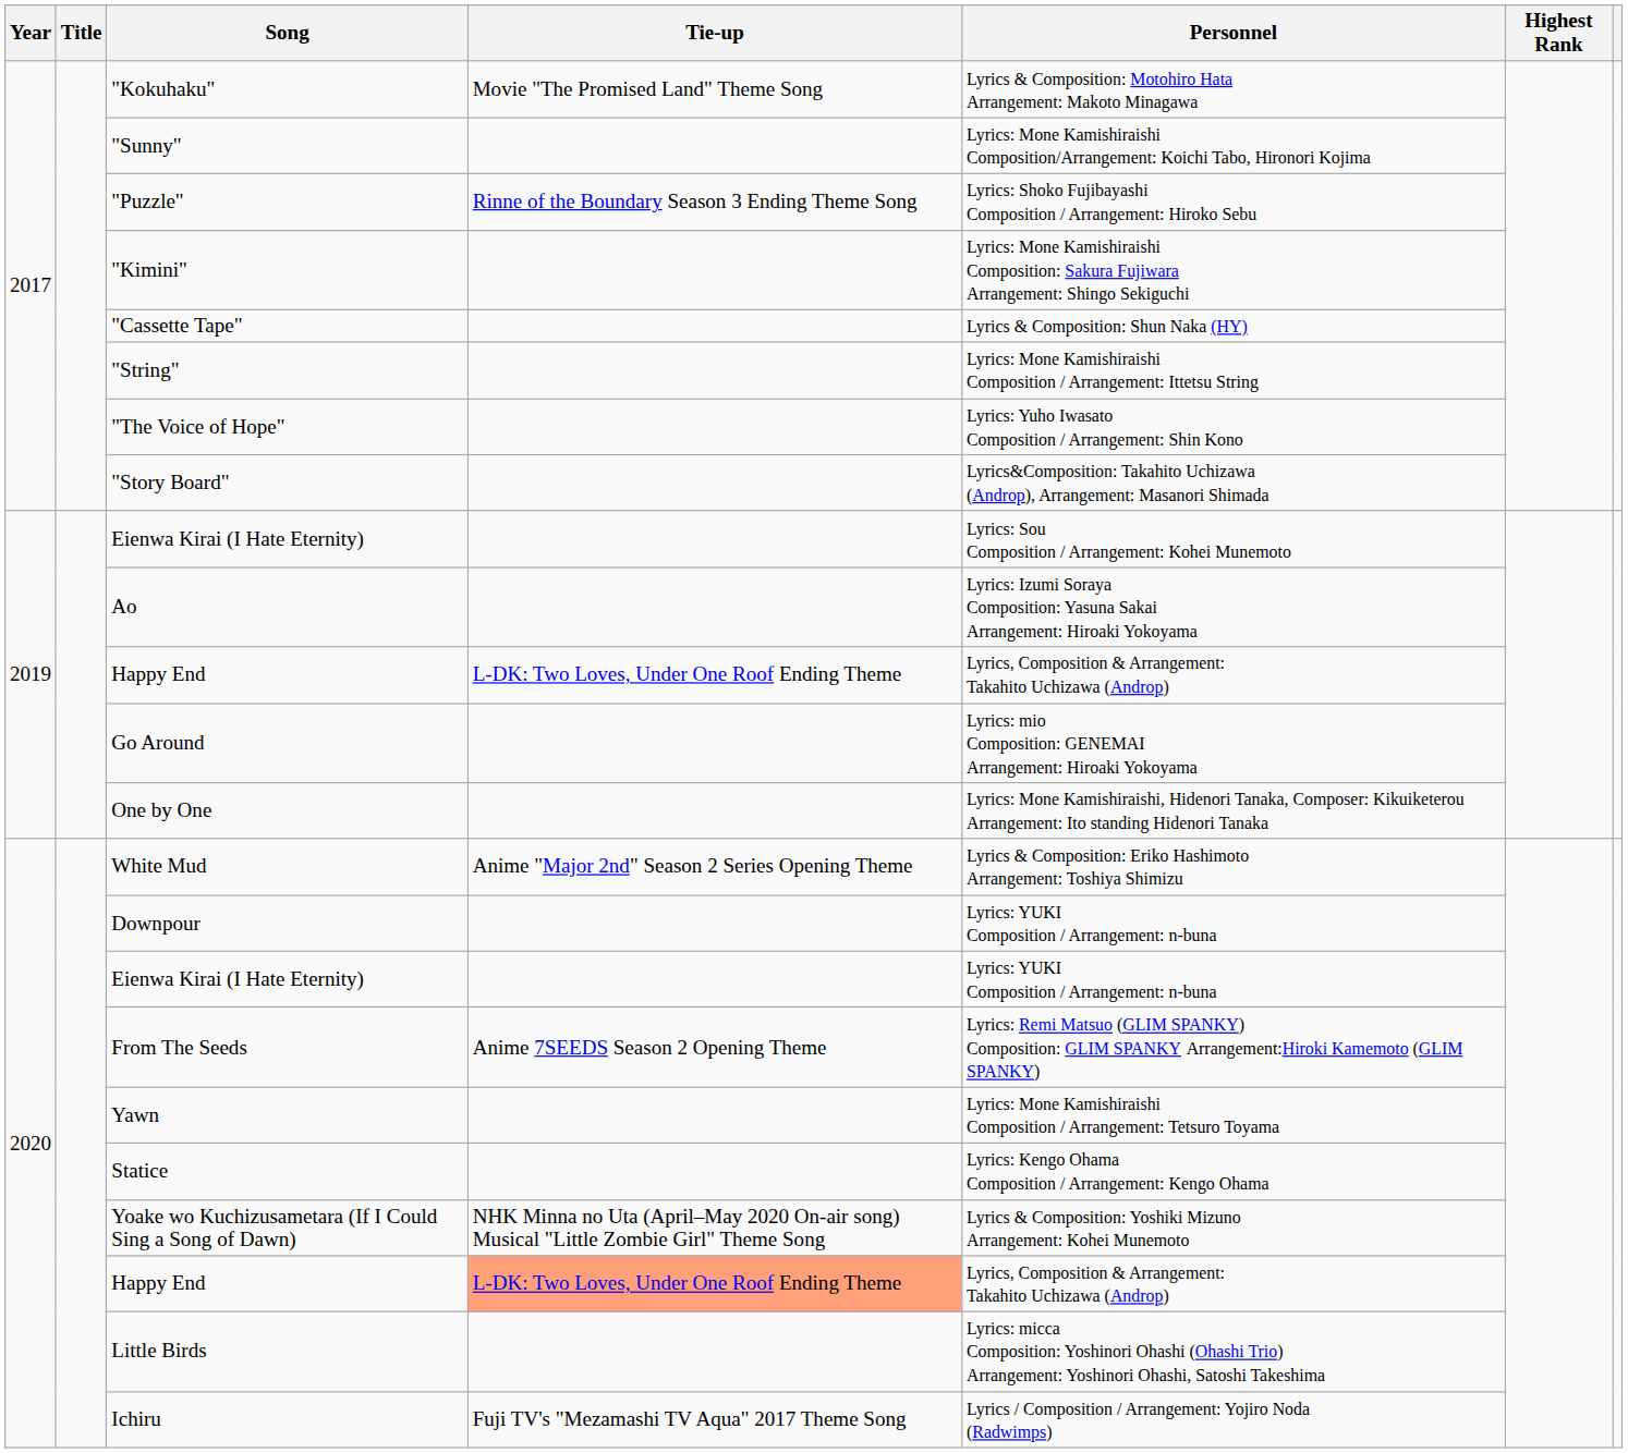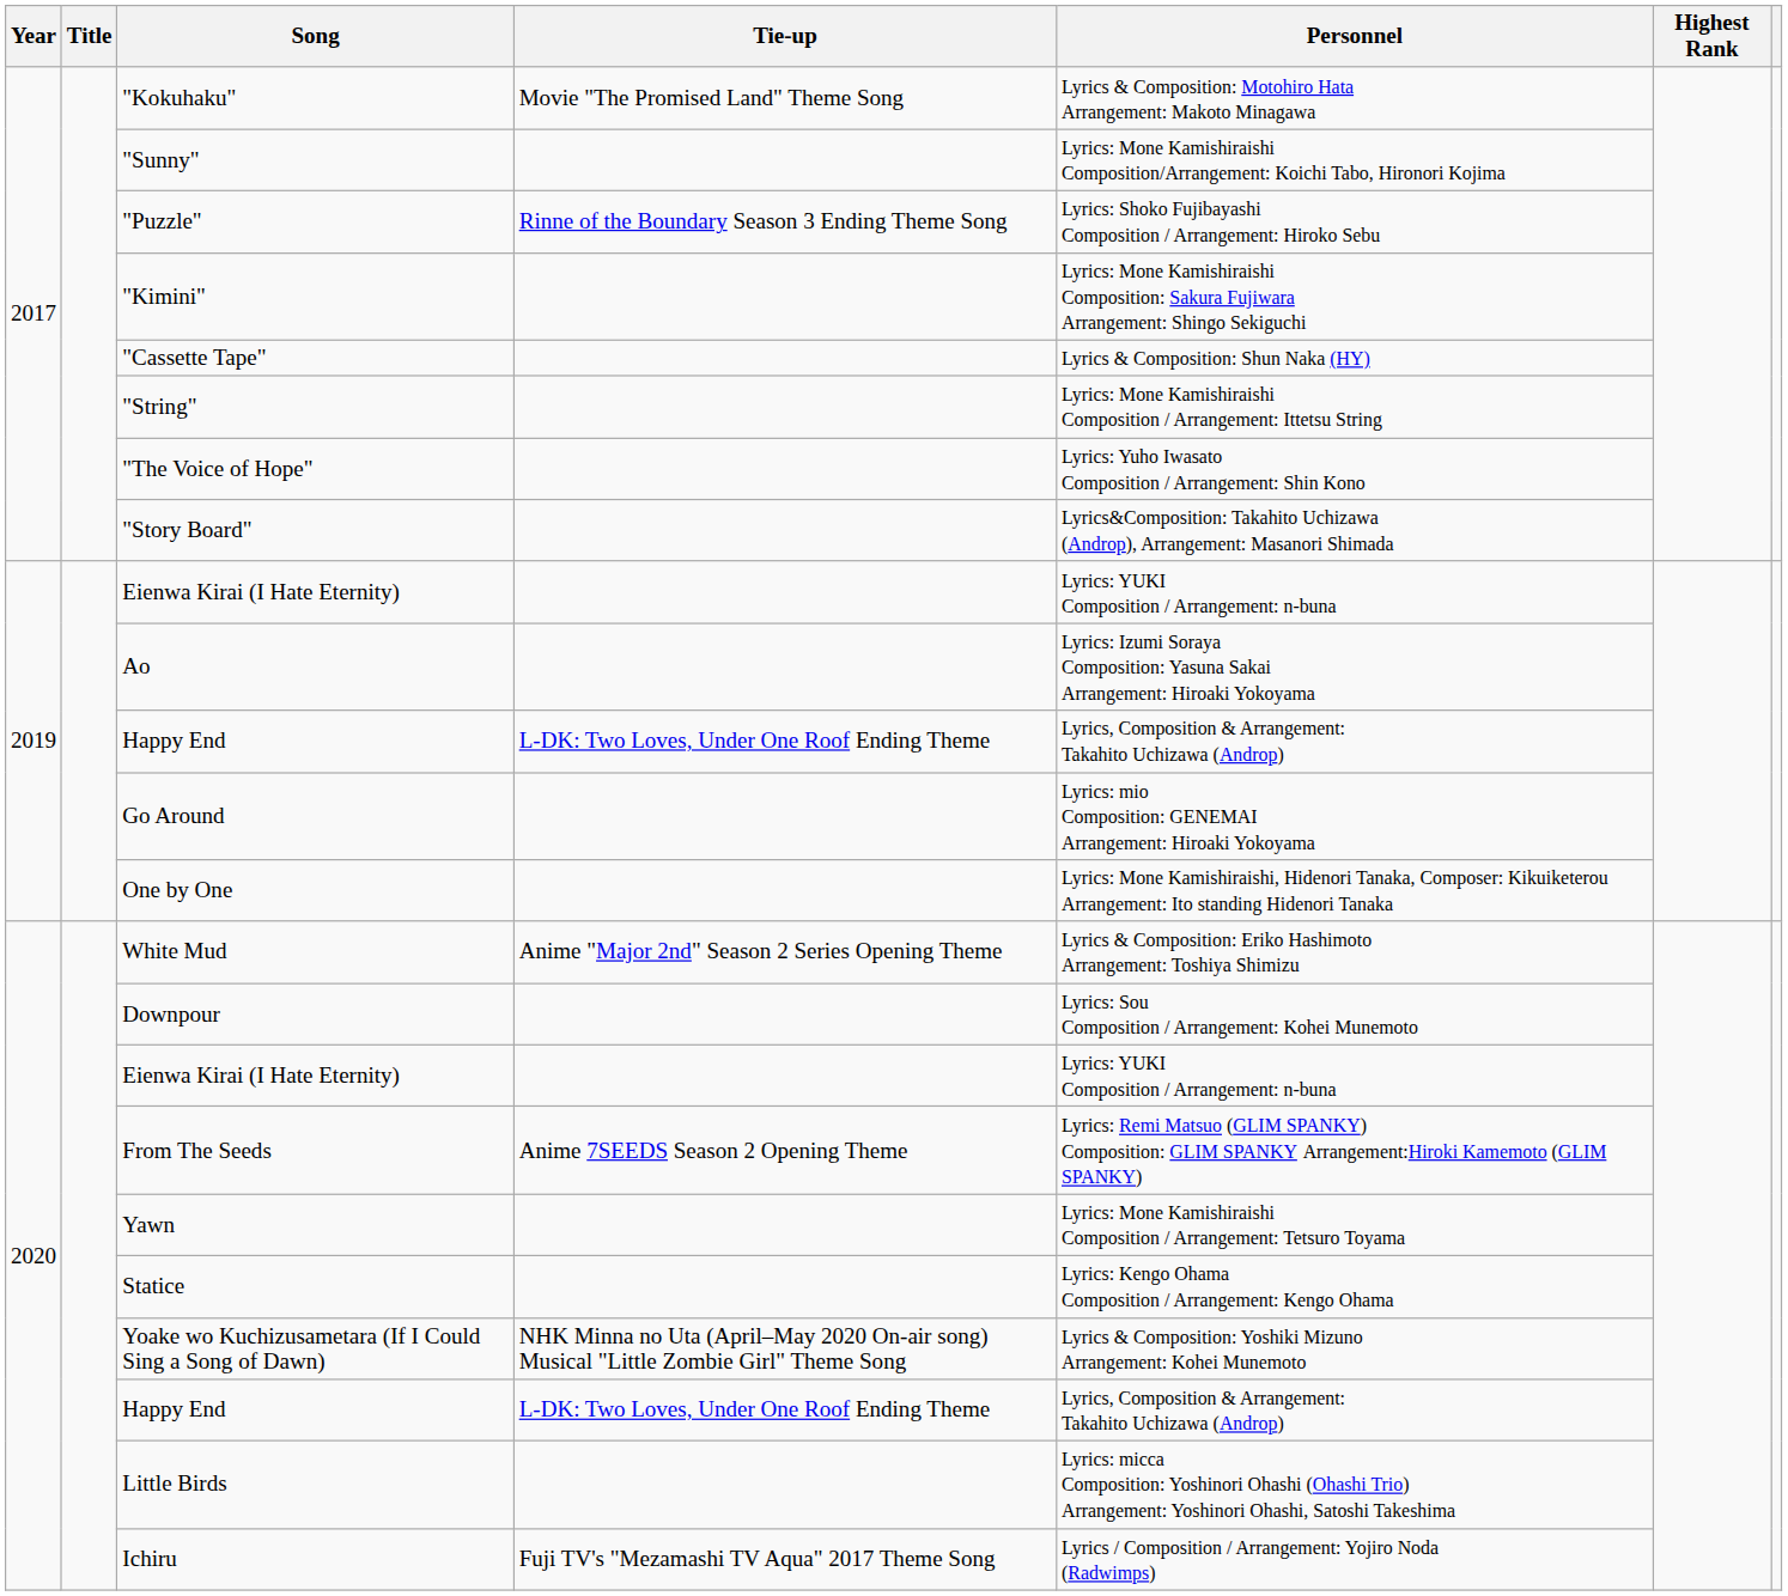 <table class="wikitable">
 <tr>
 <th>Year</th>
 <th>Title</th>
 <th>Song</th>
 <th>Tie-up</th>
 <th>Personnel</th>
 <th>Highest Rank</th>
 <th></th>
 </tr>
 <tr>
 <td rowspan="8">2017</td>
 <td rowspan="8"></td>
 <td>"Kokuhaku"</td>
 <td>Movie "The Promised Land" Theme Song</td>
 <td><small>Lyrics & Composition: <a href='#'>Motohiro Hata</a></small><br><small>Arrangement: Makoto Minagawa</small></td>
 <td rowspan="8"></td>
 <td rowspan="8"></td>
 </tr>
 <tr>
 <td>"Sunny"</td>
 <td></td>
 <td><small>Lyrics: Mone Kamishiraishi</small><br><small>Composition/Arrangement: Koichi Tabo, Hironori Kojima</small></td>
 </tr>
 <tr>
 <td>"Puzzle"</td>
 <td><a href='#'>Rinne of the Boundary</a> Season 3 Ending Theme Song</td>
 <td><small>Lyrics: Shoko Fujibayashi</small><br><small>Composition / Arrangement: Hiroko Sebu</small></td>
 </tr>
 <tr>
 <td>"Kimini"</td>
 <td></td>
 <td><small>Lyrics: Mone Kamishiraishi</small><br><small>Composition: <a href='#'>Sakura Fujiwara</a></small><br><small>Arrangement: Shingo Sekiguchi</small></td>
 </tr>
 <tr>
 <td>"Cassette Tape"</td>
 <td></td>
 <td><small>Lyrics & Composition: Shun Naka <a href='#'>(HY)</a></small></td>
 </tr>
 <tr>
 <td>"String"</td>
 <td></td>
 <td><small>Lyrics: Mone Kamishiraishi</small><br><small>Composition / Arrangement: Ittetsu String</small></td>
 </tr>
 <tr>
 <td>"The Voice of Hope"</td>
 <td></td>
 <td><small>Lyrics: Yuho Iwasato</small><br><small>Composition / Arrangement: Shin Kono</small></td>
 </tr>
 <tr>
 <td>"Story Board"</td>
 <td></td>
 <td><small>Lyrics&Composition: Takahito Uchizawa</small><br><small>(<a href='#'>Androp</a>), Arrangement: Masanori Shimada</small></td>
 </tr>
 <tr>
 <td rowspan="5">2019</td>
 <td rowspan="5"></td>
 <td>Eienwa Kirai (I Hate Eternity)</td>
 <td></td>
-<td><small>Lyrics: Sou</small><br><small>Composition / Arrangement: Kohei Munemoto</small></td>
+<td><small>Lyrics: YUKI</small><br><small>Composition / Arrangement: n-buna</small></td>
 <td rowspan="5"></td>
 <td rowspan="5"></td>
 </tr>
 <tr>
 <td>Ao</td>
 <td></td>
 <td><small>Lyrics: Izumi Soraya</small><br><small>Composition: Yasuna Sakai</small><br><small>Arrangement: Hiroaki Yokoyama</small></td>
 </tr>
 <tr>
 <td>Happy End</td>
 <td><a href='#'>L-DK: Two Loves, Under One Roof</a> Ending Theme</td>
 <td><small>Lyrics, Composition & Arrangement:</small><br><small>Takahito Uchizawa (<a href='#'>Androp</a>)</small></td>
 </tr>
 <tr>
 <td>Go Around</td>
 <td></td>
 <td><small>Lyrics: mio</small><br><small>Composition: GENEMAI</small><br><small>Arrangement: Hiroaki Yokoyama</small></td>
 </tr>
 <tr>
 <td>One by One</td>
 <td></td>
 <td><small>Lyrics: Mone Kamishiraishi, Hidenori Tanaka, C</small><small>omposer: Kikuiketerou</small> <small>Arrangement: Ito standing Hidenori Tanaka</small></td>
 </tr>
 <tr>
 <td rowspan="10">2020</td>
 <td rowspan="10"></td>
 <td>White Mud</td>
 <td>Anime "<a href='#'>Major 2nd</a>" Season 2 Series Opening Theme</td>
 <td><small>Lyrics & Composition: Eriko Hashimoto</small><br><small>Arrangement: Toshiya Shimizu</small></td>
 <td rowspan="10"></td>
 <td rowspan="10"></td>
 </tr>
 <tr>
 <td>Downpour</td>
 <td></td>
-<td><small>Lyrics: YUKI</small><br><small>Composition / Arrangement: n-buna</small></td>
+<td><small>Lyrics: Sou</small><br><small>Composition / Arrangement: Kohei Munemoto</small></td>
 </tr>
 <tr>
 <td>Eienwa Kirai (I Hate Eternity)</td>
 <td></td>
 <td><small>Lyrics: YUKI</small><br><small>Composition / Arrangement: n-buna</small></td>
 </tr>
 <tr>
 <td>From The Seeds</td>
 <td>Anime <a href='#'>7SEEDS</a> Season 2 Opening Theme</td>
 <td><small>Lyrics: <a href='#'>Remi Matsuo</a> (<a href='#'>GLIM SPANKY</a>)</small><br><small>Composition: <a href='#'>GLIM SPANKY</a></small> <small>Arrangement:<a href='#'>Hiroki Kamemoto</a> (<a href='#'>GLIM SPANKY</a>)</small></td>
 </tr>
 <tr>
 <td>Yawn</td>
 <td></td>
 <td><small>Lyrics: Mone Kamishiraishi</small><br><small>Composition / Arrangement: Tetsuro Toyama</small></td>
 </tr>
 <tr>
 <td>Statice</td>
 <td></td>
 <td><small>Lyrics: Kengo Ohama</small><br><small>Composition / Arrangement: Kengo Ohama</small></td>
 </tr>
 <tr>
 <td>Yoake wo Kuchizusametara (If I Could Sing a Song of Dawn)</td>
 <td>NHK Minna no Uta (April–May 2020 On-air song) Musical "Little Zombie Girl" Theme Song</td>
 <td><small>Lyrics & Composition: Yoshiki Mizuno</small><br><small>Arrangement: Kohei Munemoto</small></td>
 </tr>
 <tr>
 <td>Happy End</td>
-<td style="background: lightsalmon;"><a href='#'>L-DK: Two Loves, Under One Roof</a> Ending Theme</td>
+<td><a href='#'>L-DK: Two Loves, Under One Roof</a> Ending Theme</td>
 <td><small>Lyrics, Composition & Arrangement:</small><br><small>Takahito Uchizawa (<a href='#'>Androp</a>)</small></td>
 </tr>
 <tr>
 <td>Little Birds</td>
 <td></td>
 <td><small>Lyrics: micca</small><br><small>Composition: Yoshinori Ohashi (<a href='#'>Ohashi Trio</a>)</small><br><small>Arrangement: Yoshinori Ohashi, Satoshi Takeshima</small></td>
 </tr>
 <tr>
 <td>Ichiru</td>
 <td>Fuji TV's "Mezamashi TV Aqua" 2017 Theme Song</td>
 <td><small>Lyrics / Composition / Arrangement: Yojiro Noda</small><br><small>(<a href='#'>Radwimps</a>)</small></td>
 </tr>
 </table>
